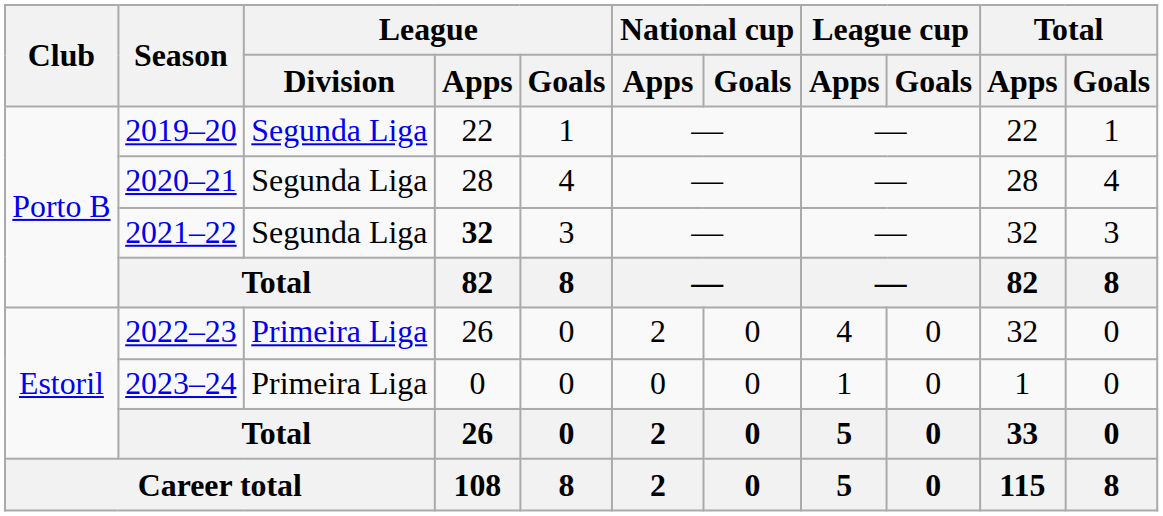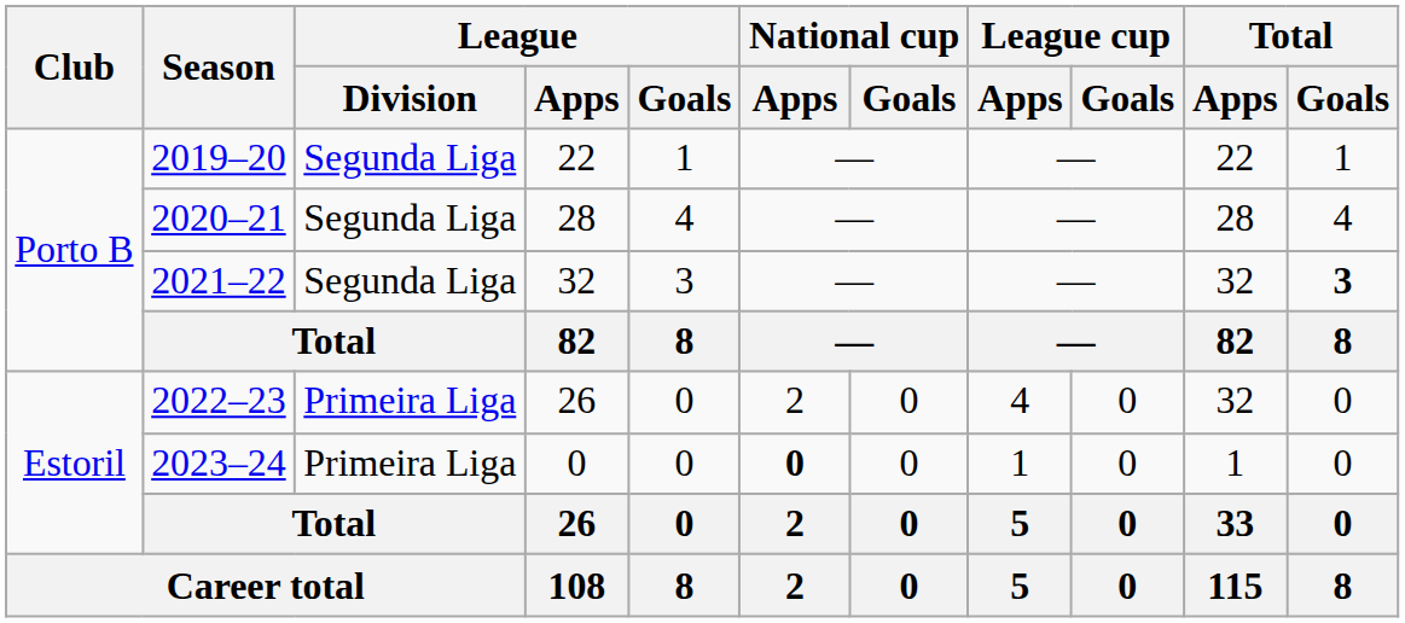 <table class=wikitable style="font-size:100%; text-align:center">
 <tr>
 <th rowspan="2">Club</th>
 <th rowspan="2">Season</th>
 <th colspan="3">League</th>
 <th colspan="2">National cup</th>
 <th colspan="2">League cup</th>
 <th colspan="2">Total</th>
 </tr>
 <tr>
 <th>Division</th>
 <th>Apps</th>
 <th>Goals</th>
 <th>Apps</th>
 <th>Goals</th>
 <th>Apps</th>
 <th>Goals</th>
 <th>Apps</th>
 <th>Goals</th>
 </tr>
 <tr>
 <td rowspan="4"><a href='#'>Porto B</a></td>
 <td><a href='#'>2019–20</a></td>
 <td><a href='#'>Segunda Liga</a></td>
 <td>22</td>
 <td>1</td>
 <td colspan=2>—</td>
 <td colspan=2>—</td>
 <td>22</td>
 <td>1</td>
 </tr>
 <tr>
 <td><a href='#'>2020–21</a></td>
 <td>Segunda Liga</td>
 <td>28</td>
 <td>4</td>
 <td colspan=2>—</td>
 <td colspan=2>—</td>
 <td>28</td>
 <td>4</td>
 </tr>
 <tr>
 <td><a href='#'>2021–22</a></td>
 <td>Segunda Liga</td>
-<td><strong>32</strong></td>
+<td>32</td>
 <td>3</td>
 <td colspan=2>—</td>
 <td colspan=2>—</td>
 <td>32</td>
-<td>3</td>
+<td><strong>3</strong></td>
 </tr>
 <tr>
 <th colspan="2">Total</th>
 <th>82</th>
 <th>8</th>
 <th colspan="2">—</th>
 <th colspan="2">—</th>
 <th>82</th>
 <th>8</th>
 </tr>
 <tr>
 <td rowspan="3"><a href='#'>Estoril</a></td>
 <td><a href='#'>2022–23</a></td>
 <td><a href='#'>Primeira Liga</a></td>
 <td>26</td>
 <td>0</td>
 <td>2</td>
 <td>0</td>
 <td>4</td>
 <td>0</td>
 <td>32</td>
 <td>0</td>
 </tr>
 <tr>
 <td><a href='#'>2023–24</a></td>
 <td>Primeira Liga</td>
 <td>0</td>
 <td>0</td>
-<td>0</td>
+<td><strong>0</strong></td>
 <td>0</td>
 <td>1</td>
 <td>0</td>
 <td>1</td>
 <td>0</td>
 </tr>
 <tr>
 <th colspan="2">Total</th>
 <th>26</th>
 <th>0</th>
 <th>2</th>
 <th>0</th>
 <th>5</th>
 <th>0</th>
 <th>33</th>
 <th>0</th>
 </tr>
 <tr>
 <th colspan="3">Career total</th>
 <th>108</th>
 <th>8</th>
 <th>2</th>
 <th>0</th>
 <th>5</th>
 <th>0</th>
 <th>115</th>
 <th>8</th>
 </tr>
 </table>
